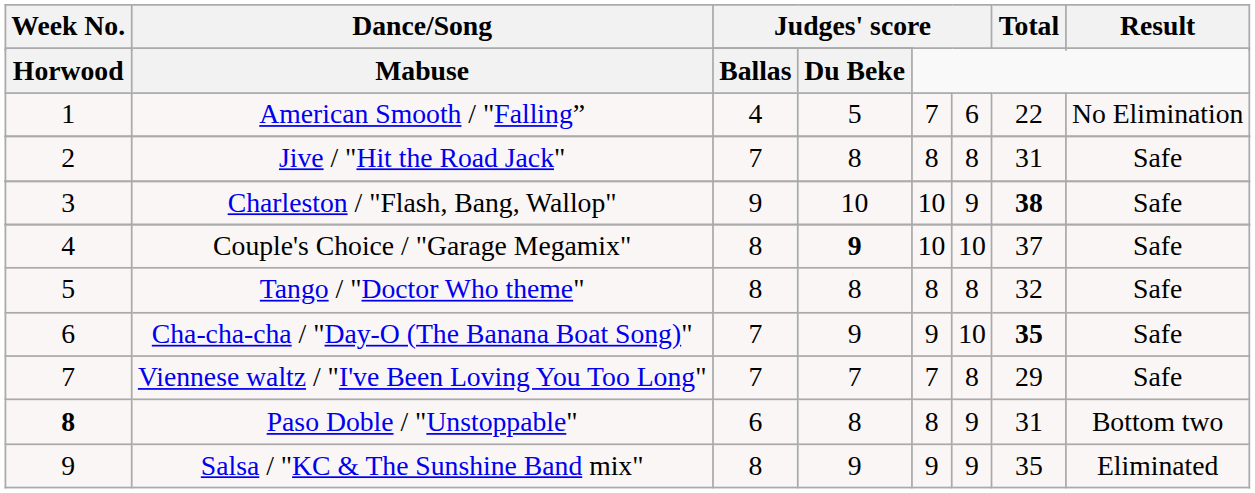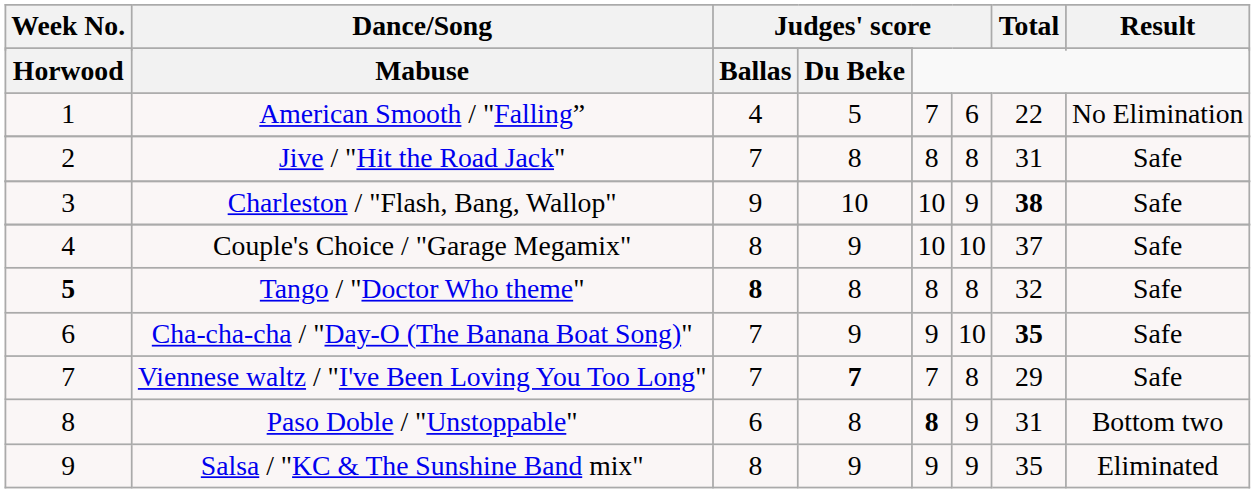 <table class="wikitable sortable" style="margin:auto; text-align:center;">
 <tr>
 <th rowspan="2" align="Center"><strong>Week No.</strong></th>
 <th rowspan="2" align="Center"><strong>Dance/Song</strong></th>
 <th colspan="4" align="Center"><strong>Judges' score</strong></th>
 <th rowspan="2" align="Center"><strong>Total</strong></th>
 <th rowspan="2" align="Center"><strong>Result</strong></th>
 </tr>
 <tr>
 </tr>
 <tr>
 <th style= width="10%" align="center">Horwood</th>
 <th style= width="10%" align="center">Mabuse</th>
 <th style= width="10%" align="center">Ballas</th>
 <th style= width="10%" align="center">Du Beke</th>
 </tr>
 <tr>
 <td style="text-align:center; background:#faf6f6;">1</td>
 <td style="text-align:center; background:#faf6f6;"><a href='#'>American Smooth</a> / "<a href='#'>Falling</a>”</td>
 <td style="text-align:center; background:#faf6f6;">4</td>
 <td style="text-align:center; background:#faf6f6;">5</td>
 <td style="text-align:center; background:#faf6f6;">7</td>
 <td style="text-align:center; background:#faf6f6;">6</td>
 <td style="text-align:center; background:#faf6f6;">22</td>
 <td style="text-align:center; background:#faf6f6;">No Elimination</td>
 </tr>
 <tr>
 </tr>
 <tr>
 <td style="text-align:center; background:#faf6f6;">2</td>
 <td style="text-align:center; background:#faf6f6;"><a href='#'>Jive</a> / "<a href='#'>Hit the Road Jack</a>"</td>
 <td style="text-align:center; background:#faf6f6;">7</td>
 <td style="text-align:center; background:#faf6f6;">8</td>
 <td style="text-align:center; background:#faf6f6;">8</td>
 <td style="text-align:center; background:#faf6f6;">8</td>
 <td style="text-align:center; background:#faf6f6;">31</td>
 <td style="text-align:center; background:#faf6f6;">Safe</td>
 </tr>
 <tr>
 </tr>
 <tr>
 <td style="text-align:center; background:#faf6f6;">3</td>
 <td style="text-align:center; background:#faf6f6;"><a href='#'>Charleston</a> / "Flash, Bang, Wallop"</td>
 <td style="text-align:center; background:#faf6f6;">9</td>
 <td style="text-align:center; background:#faf6f6;">10</td>
 <td style="text-align:center; background:#faf6f6;">10</td>
 <td style="text-align:center; background:#faf6f6;">9</td>
 <td style="text-align:center; background:#faf6f6;"><span><strong>38</strong></span></td>
 <td style="text-align:center; background:#faf6f6;">Safe</td>
 </tr>
 <tr>
 </tr>
 <tr>
 <td style="text-align:center; background:#faf6f6;">4</td>
 <td style="text-align:center; background:#faf6f6;">Couple's Choice / "Garage Megamix"</td>
 <td style="text-align:center; background:#faf6f6;">8</td>
-<td style="text-align:center; background:#faf6f6;"><strong>9</strong></td>
+<td style="text-align:center; background:#faf6f6;">9</td>
 <td style="text-align:center; background:#faf6f6;">10</td>
 <td style="text-align:center; background:#faf6f6;">10</td>
 <td style="text-align:center; background:#faf6f6;">37</td>
 <td style="text-align:center; background:#faf6f6;">Safe</td>
 </tr>
 <tr>
-<td style="text-align:center; background:#faf6f6;">5</td>
+<td style="text-align:center; background:#faf6f6;"><strong>5</strong></td>
 <td style="text-align:center; background:#faf6f6;"><a href='#'>Tango</a> / "<a href='#'>Doctor Who theme</a>"</td>
-<td style="text-align:center; background:#faf6f6;">8</td>
+<td style="text-align:center; background:#faf6f6;"><strong>8</strong></td>
 <td style="text-align:center; background:#faf6f6;">8</td>
 <td style="text-align:center; background:#faf6f6;">8</td>
 <td style="text-align:center; background:#faf6f6;">8</td>
 <td style="text-align:center; background:#faf6f6;">32</td>
 <td style="text-align:center; background:#faf6f6;">Safe</td>
 </tr>
 <tr>
 <td style="text-align:center; background:#faf6f6;">6</td>
 <td style="text-align:center; background:#faf6f6;"><a href='#'>Cha-cha-cha</a> / "<a href='#'>Day-O (The Banana Boat Song)</a>"</td>
 <td style="text-align:center; background:#faf6f6;">7</td>
 <td style="text-align:center; background:#faf6f6;">9</td>
 <td style="text-align:center; background:#faf6f6;">9</td>
 <td style="text-align:center; background:#faf6f6;">10</td>
 <td style="text-align:center; background:#faf6f6;"><span><strong>35</strong></span></td>
 <td style="text-align:center; background:#faf6f6;">Safe</td>
 </tr>
 <tr>
 <td style="text-align:center; background:#faf6f6;">7</td>
 <td style="text-align:center; background:#faf6f6;"><a href='#'>Viennese waltz</a> / "<a href='#'>I've Been Loving You Too Long</a>"</td>
 <td style="text-align:center; background:#faf6f6;">7</td>
-<td style="text-align:center; background:#faf6f6;">7</td>
+<td style="text-align:center; background:#faf6f6;"><strong>7</strong></td>
 <td style="text-align:center; background:#faf6f6;">7</td>
 <td style="text-align:center; background:#faf6f6;">8</td>
 <td style="text-align:center; background:#faf6f6;">29</td>
 <td style="text-align:center; background:#faf6f6;">Safe</td>
 </tr>
 <tr>
-<td style="text-align:center; background:#faf6f6;"><strong>8</strong></td>
+<td style="text-align:center; background:#faf6f6;">8</td>
 <td style="text-align:center; background:#faf6f6;"><a href='#'>Paso Doble</a> / "<a href='#'>Unstoppable</a>"</td>
 <td style="text-align:center; background:#faf6f6;">6</td>
 <td style="text-align:center; background:#faf6f6;">8</td>
-<td style="text-align:center; background:#faf6f6;">8</td>
+<td style="text-align:center; background:#faf6f6;"><strong>8</strong></td>
 <td style="text-align:center; background:#faf6f6;">9</td>
 <td style="text-align:center; background:#faf6f6;">31</td>
 <td style="text-align:center; background:#faf6f6;">Bottom two</td>
 </tr>
 <tr>
 <td style="text-align:center; background:#faf6f6;">9</td>
 <td style="text-align:center; background:#faf6f6;"><a href='#'>Salsa</a> / "<a href='#'>KC & The Sunshine Band</a> mix"</td>
 <td style="text-align:center; background:#faf6f6;">8</td>
 <td style="text-align:center; background:#faf6f6;">9</td>
 <td style="text-align:center; background:#faf6f6;">9</td>
 <td style="text-align:center; background:#faf6f6;">9</td>
 <td style="text-align:center; background:#faf6f6;">35</td>
 <td style="text-align:center; background:#faf6f6;">Eliminated</td>
 </tr>
 </table>
